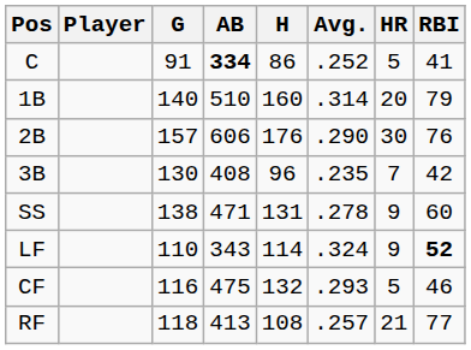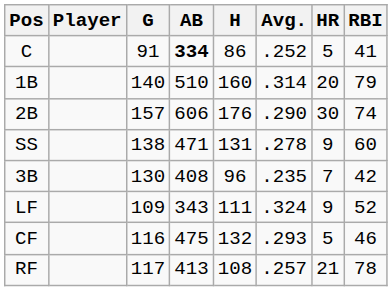 <table class="wikitable sortable" style="text-align:center">
 <tr>
 <th>Pos</th>
 <th>Player</th>
 <th>G</th>
 <th>AB</th>
 <th>H</th>
 <th>Avg.</th>
 <th>HR</th>
 <th>RBI</th>
 </tr>
 <tr align="center">
 <td>C</td>
 <td></td>
 <td>91</td>
 <td><strong>334</strong></td>
 <td>86</td>
 <td>.252</td>
 <td>5</td>
 <td>41</td>
 </tr>
 <tr align="center">
 <td>1B</td>
 <td></td>
 <td>140</td>
 <td>510</td>
 <td>160</td>
 <td>.314</td>
 <td>20</td>
 <td>79</td>
 </tr>
 <tr align="center">
 <td>2B</td>
 <td></td>
 <td>157</td>
 <td>606</td>
 <td>176</td>
 <td>.290</td>
 <td>30</td>
-<td>76</td>
+<td>74</td>
+</tr>
+<tr align="center">
+<td>SS</td>
+<td></td>
+<td>138</td>
+<td>471</td>
+<td>131</td>
+<td>.278</td>
+<td>9</td>
+<td>60</td>
 </tr>
 <tr align="center">
 <td>3B</td>
 <td></td>
 <td>130</td>
 <td>408</td>
 <td>96</td>
 <td>.235</td>
 <td>7</td>
 <td>42</td>
 </tr>
 <tr align="center">
-<td>SS</td>
-<td></td>
-<td>138</td>
-<td>471</td>
-<td>131</td>
-<td>.278</td>
-<td>9</td>
-<td>60</td>
-</tr>
-<tr align="center">
 <td>LF</td>
 <td></td>
-<td>110</td>
+<td>109</td>
 <td>343</td>
-<td>114</td>
+<td>111</td>
 <td>.324</td>
 <td>9</td>
-<td><strong>52</strong></td>
+<td>52</td>
 </tr>
 <tr align="center">
 <td>CF</td>
 <td></td>
 <td>116</td>
 <td>475</td>
 <td>132</td>
 <td>.293</td>
 <td>5</td>
 <td>46</td>
 </tr>
 <tr align="center">
 <td>RF</td>
 <td></td>
-<td>118</td>
+<td>117</td>
 <td>413</td>
 <td>108</td>
 <td>.257</td>
 <td>21</td>
-<td>77</td>
+<td>78</td>
 </tr>
 </table>
